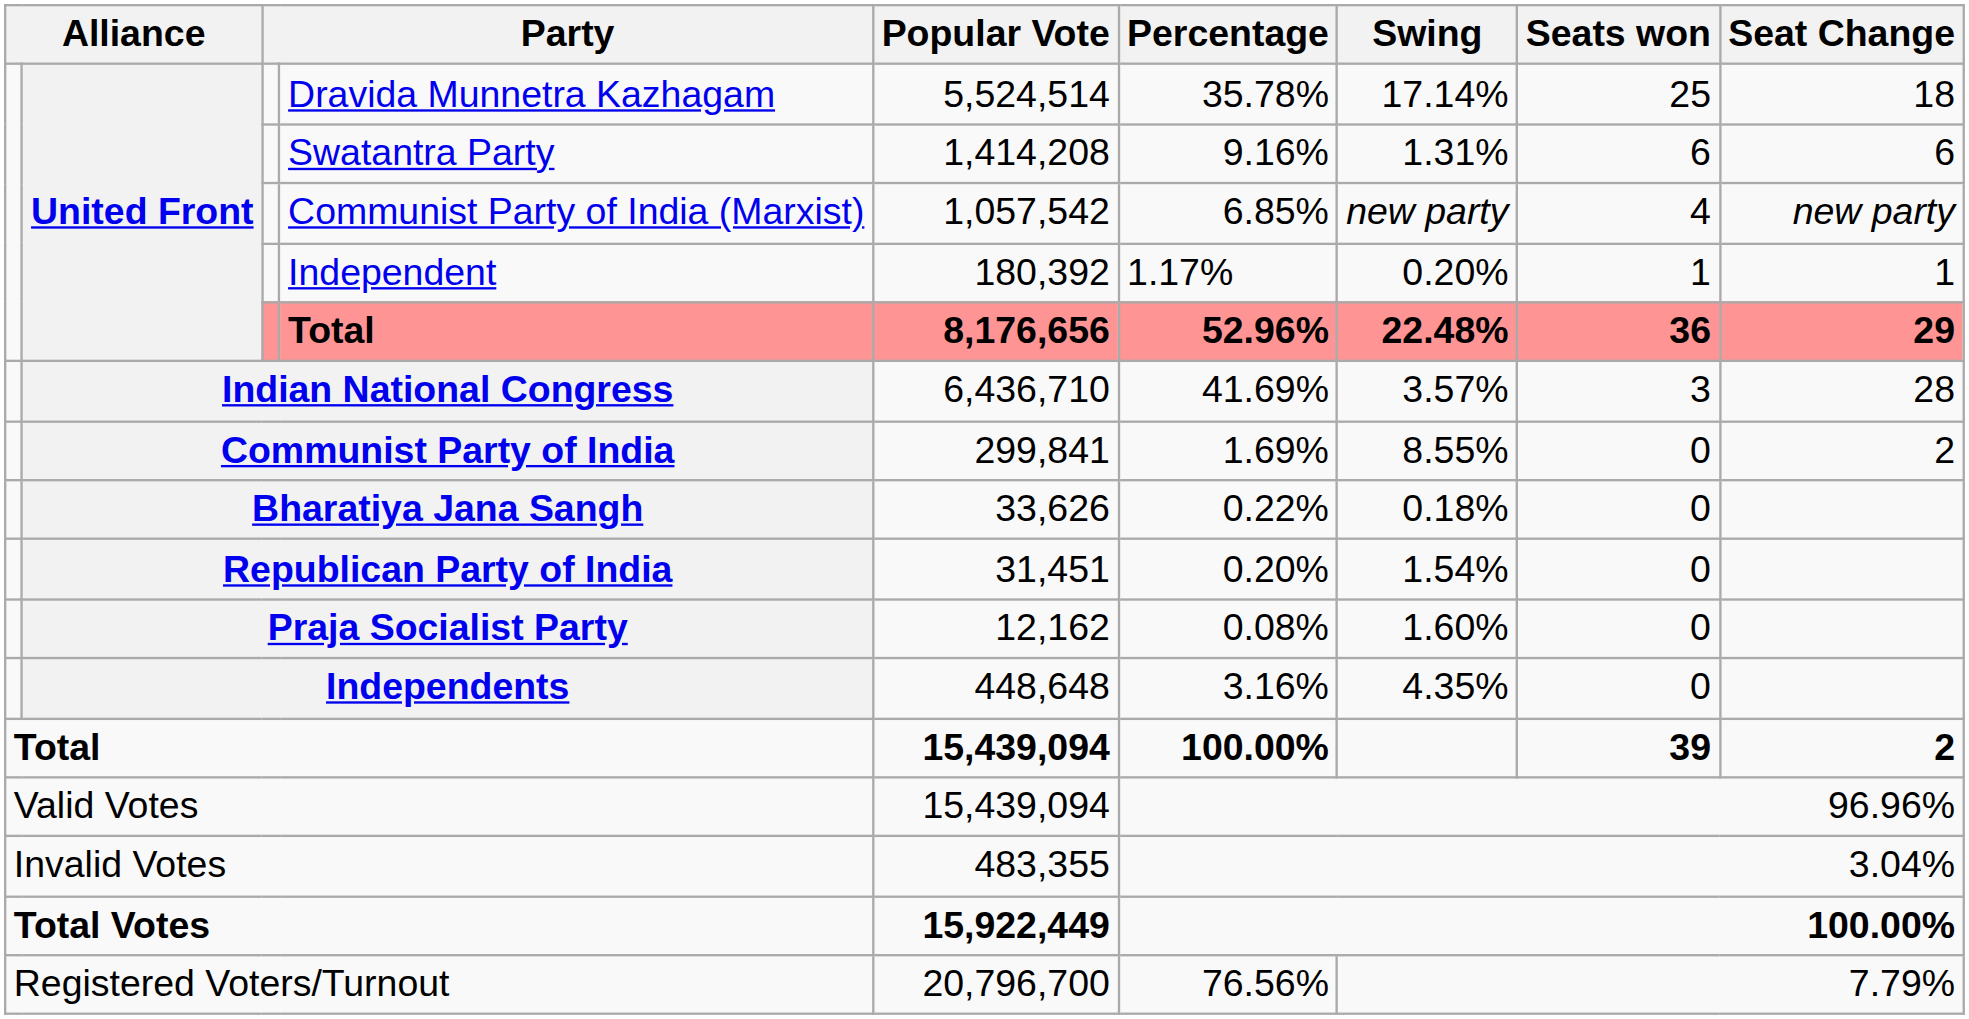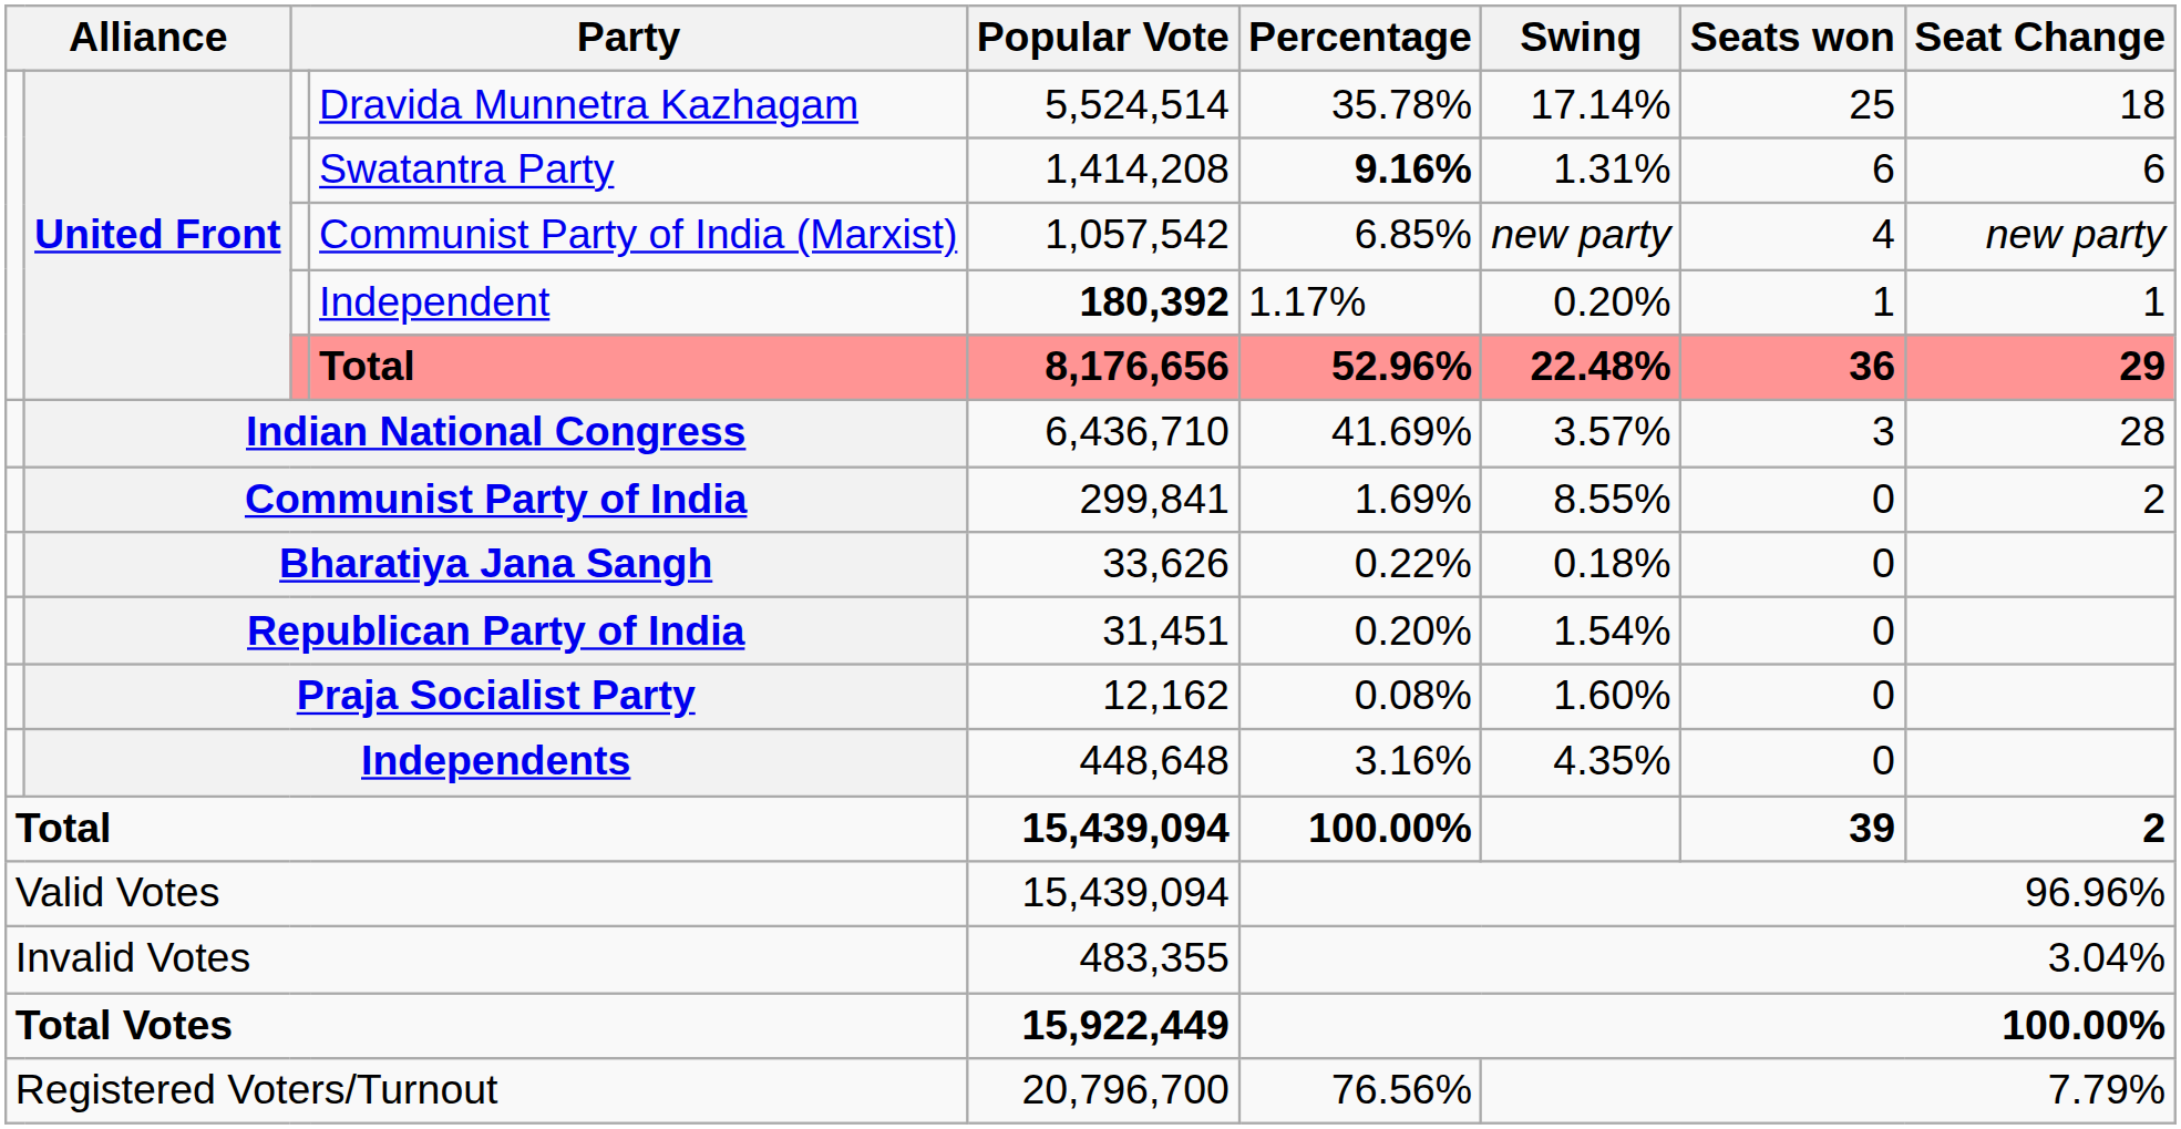 <table class='wikitable'>
 <tr>
 <th colspan="2" align=centre>Alliance</th>
 <th colspan="2" align=centre>Party</th>
 <th align=centre>Popular Vote</th>
 <th align=centre>Percentage</th>
 <th align=centre>Swing</th>
 <th align=centre>Seats won</th>
 <th align=centre>Seat Change</th>
 </tr>
 <tr>
 <td rowspan="5"></td>
 <th rowspan="5"><a href='#'>United Front</a></th>
 <td></td>
 <td><a href='#'>Dravida Munnetra Kazhagam</a></td>
 <td align=right>5,524,514</td>
 <td align=right>35.78%</td>
 <td align=right>17.14%</td>
 <td align=right>25</td>
 <td align=right>18</td>
 </tr>
 <tr>
 <td></td>
 <td><a href='#'>Swatantra Party</a></td>
 <td align=right>1,414,208</td>
-<td align=right>9.16%</td>
+<td align=right><strong>9.16%</strong></td>
 <td align=right>1.31%</td>
 <td align=right>6</td>
 <td align=right>6</td>
 </tr>
 <tr>
 <td></td>
 <td><a href='#'>Communist Party of India (Marxist)</a></td>
 <td align=right>1,057,542</td>
 <td align=right>6.85%</td>
 <td align=right><em>new party</em></td>
 <td align=right>4</td>
 <td align=right><em>new party</em></td>
 </tr>
 <tr>
 <td></td>
 <td><a href='#'>Independent</a></td>
-<td align=right>180,392</td>
+<td align=right><strong>180,392</strong></td>
 <td>1.17%</td>
 <td align=right>0.20%</td>
 <td align=right>1</td>
 <td align=right>1</td>
 </tr>
 <tr>
 <td style="background:#FF9494"></td>
 <td style="background:#FF9494" align=left><strong>Total</strong></td>
 <td style="background:#FF9494" align=right><strong>8,176,656</strong></td>
 <td style="background:#FF9494" align=right><strong>52.96%</strong></td>
 <td style="background:#FF9494" align=right><strong>22.48%</strong></td>
 <td style="background:#FF9494" align=right><strong>36</strong></td>
 <td style="background:#FF9494" align=right><strong>29</strong></td>
 </tr>
 <tr>
 <td></td>
 <th colspan="3" align=left><a href='#'>Indian National Congress</a></th>
 <td align=right>6,436,710</td>
 <td align=right>41.69%</td>
 <td align=right>3.57%</td>
 <td align=right>3</td>
 <td align=right>28</td>
 </tr>
 <tr>
 <td></td>
 <th colspan="3" align=left><a href='#'>Communist Party of India</a></th>
 <td align=right>299,841</td>
 <td align=right>1.69%</td>
 <td align=right>8.55%</td>
 <td align=right>0</td>
 <td align=right>2</td>
 </tr>
 <tr>
 <td></td>
 <th colspan="3" align=left><a href='#'>Bharatiya Jana Sangh</a></th>
 <td align=right>33,626</td>
 <td align=right>0.22%</td>
 <td align=right>0.18%</td>
 <td align=right>0</td>
 <td align=right></td>
 </tr>
 <tr>
 <td></td>
 <th colspan="3" align=left><a href='#'>Republican Party of India</a></th>
 <td align=right>31,451</td>
 <td align=right>0.20%</td>
 <td align=right>1.54%</td>
 <td align=right>0</td>
 <td align=right></td>
 </tr>
 <tr>
 <td></td>
 <th colspan="3" align=left><a href='#'>Praja Socialist Party</a></th>
 <td align=right>12,162</td>
 <td align=right>0.08%</td>
 <td align=right>1.60%</td>
 <td align=right>0</td>
 <td align=right></td>
 </tr>
 <tr>
 <td></td>
 <th colspan="3" align=left><a href='#'>Independents</a></th>
 <td align=right>448,648</td>
 <td align=right>3.16%</td>
 <td align=right>4.35%</td>
 <td align=right>0</td>
 <td align=right></td>
 </tr>
 <tr>
 <td colspan="4" align=left><strong>Total</strong></td>
 <td align=right><strong>15,439,094</strong></td>
 <td align=right><strong>100.00%</strong></td>
 <td align=right></td>
 <td align=right><strong>39</strong></td>
 <td align=right><strong>2</strong></td>
 </tr>
 <tr>
 <td colspan="4" align=left>Valid Votes</td>
 <td align=right>15,439,094</td>
 <td colspan="4" align=right>96.96%</td>
 </tr>
 <tr>
 <td colspan="4" align=left>Invalid Votes</td>
 <td align=right>483,355</td>
 <td colspan="4" align=right>3.04%</td>
 </tr>
 <tr>
 <td colspan="4" align=left><strong>Total Votes</strong></td>
 <td align=right><strong>15,922,449</strong></td>
 <td colspan="4" align=right><strong>100.00%</strong></td>
 </tr>
 <tr>
 <td colspan="4" align=left>Registered Voters/Turnout</td>
 <td align=right>20,796,700</td>
 <td align=right>76.56%</td>
 <td colspan="3" align="right">7.79%</td>
 </tr>
 </table>
